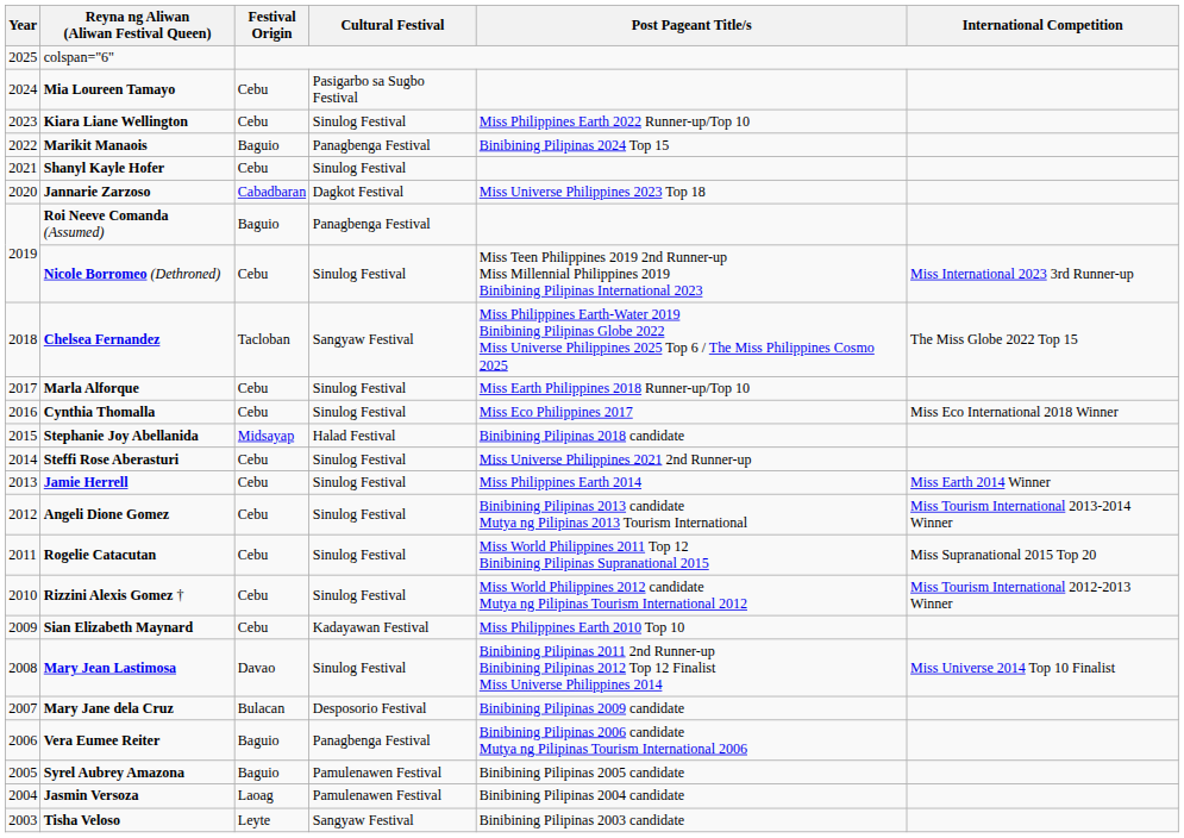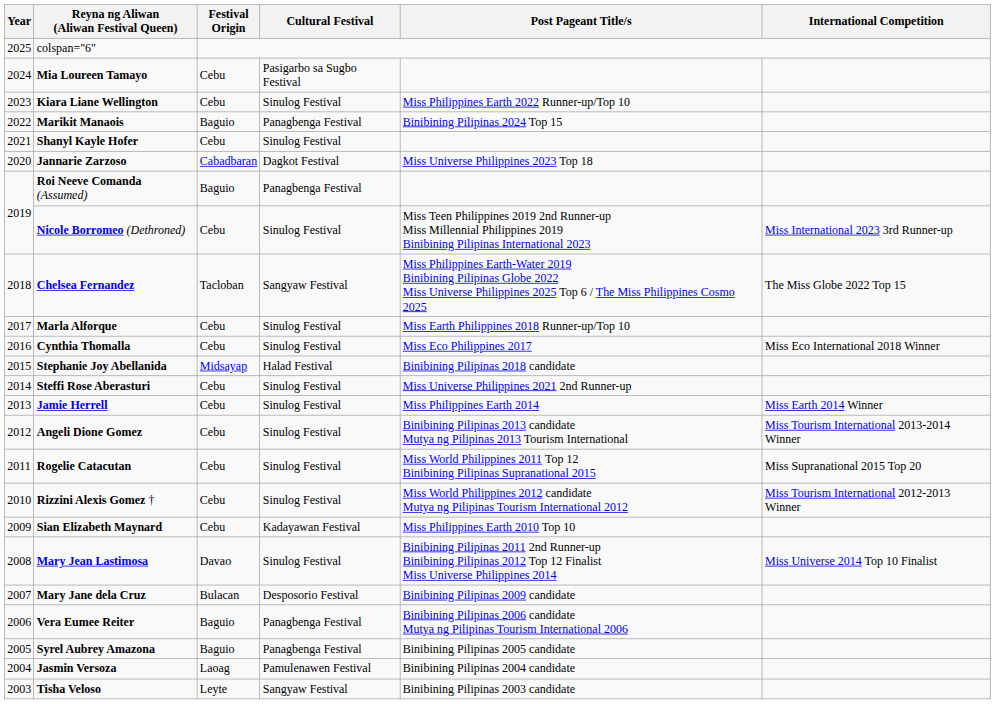 <table class="wikitable sortable" style="font-size:95%;">
 <tr>
 <th>Year</th>
 <th>Reyna ng Aliwan<br>(Aliwan Festival Queen)</th>
 <th>Festival <br>Origin</th>
 <th>Cultural Festival</th>
 <th>Post Pageant Title/s</th>
 <th>International Competition</th>
 </tr>
 <tr>
 <td>2025</td>
 <td>colspan="6" </td>
 </tr>
 <tr>
 <td>2024</td>
 <td><strong>Mia Loureen Tamayo</strong></td>
 <td>Cebu</td>
 <td>Pasigarbo sa Sugbo Festival</td>
 <td></td>
 <td></td>
 </tr>
 <tr>
 <td>2023</td>
 <td><strong>Kiara Liane Wellington</strong></td>
 <td>Cebu</td>
 <td>Sinulog Festival</td>
 <td><a href='#'>Miss Philippines Earth 2022</a> Runner-up/Top 10</td>
 <td></td>
 </tr>
 <tr>
 <td>2022</td>
 <td><strong>Marikit Manaois</strong></td>
 <td>Baguio</td>
 <td>Panagbenga Festival</td>
 <td><a href='#'>Binibining Pilipinas 2024</a> Top 15</td>
 </tr>
 <tr>
 <td>2021</td>
 <td><strong>Shanyl Kayle Hofer</strong></td>
 <td>Cebu</td>
 <td>Sinulog Festival</td>
 <td></td>
 <td></td>
 </tr>
 <tr>
 <td>2020</td>
 <td><strong>Jannarie Zarzoso</strong></td>
 <td><a href='#'>Cabadbaran</a></td>
 <td>Dagkot Festival</td>
 <td><a href='#'>Miss Universe Philippines 2023</a> Top 18</td>
 <td></td>
 </tr>
 <tr>
 <td rowspan="2" style="text-align:left;">2019</td>
 <td><strong>Roi Neeve Comanda</strong> <em>(Assumed)</em></td>
 <td>Baguio</td>
 <td>Panagbenga Festival</td>
 <td></td>
 <td></td>
 </tr>
 <tr>
 <td><strong><a href='#'>Nicole Borromeo</a></strong> <em>(Dethroned)</em></td>
 <td>Cebu</td>
 <td>Sinulog Festival</td>
 <td>Miss Teen Philippines 2019 2nd Runner-up<br>Miss Millennial Philippines 2019<br><a href='#'>Binibining Pilipinas International 2023</a></td>
 <td><a href='#'>Miss International 2023</a> 3rd Runner-up</td>
 </tr>
 <tr>
 <td>2018</td>
 <td><strong><a href='#'>Chelsea Fernandez</a></strong></td>
 <td>Tacloban</td>
 <td>Sangyaw Festival</td>
 <td><a href='#'>Miss Philippines Earth-Water 2019</a><br><a href='#'>Binibining Pilipinas Globe 2022</a><br><a href='#'>Miss Universe Philippines 2025</a> Top 6 / <a href='#'>The Miss Philippines Cosmo 2025</a></td>
 <td>The Miss Globe 2022 Top 15</td>
 </tr>
 <tr>
 <td>2017</td>
 <td><strong>Marla Alforque</strong></td>
 <td>Cebu</td>
 <td>Sinulog Festival</td>
 <td><a href='#'>Miss Earth Philippines 2018</a> Runner-up/Top 10</td>
 <td></td>
 </tr>
 <tr>
 <td>2016</td>
 <td><strong>Cynthia Thomalla</strong></td>
 <td>Cebu</td>
 <td>Sinulog Festival</td>
 <td><a href='#'>Miss Eco Philippines 2017</a></td>
 <td>Miss Eco International 2018 Winner</td>
 </tr>
 <tr>
 <td>2015</td>
 <td><strong>Stephanie Joy Abellanida</strong></td>
 <td><a href='#'>Midsayap</a></td>
 <td>Halad Festival</td>
 <td><a href='#'>Binibining Pilipinas 2018</a> candidate</td>
 <td></td>
 </tr>
 <tr>
 <td>2014</td>
 <td><strong>Steffi Rose Aberasturi</strong></td>
 <td>Cebu</td>
 <td>Sinulog Festival</td>
 <td><a href='#'>Miss Universe Philippines 2021</a> 2nd Runner-up</td>
 <td></td>
 </tr>
 <tr>
 <td>2013</td>
 <td><strong><a href='#'>Jamie Herrell</a></strong></td>
 <td>Cebu</td>
 <td>Sinulog Festival</td>
 <td><a href='#'>Miss Philippines Earth 2014</a></td>
 <td><a href='#'>Miss Earth 2014</a> Winner</td>
 </tr>
 <tr>
 <td>2012</td>
 <td><strong>Angeli Dione Gomez</strong></td>
 <td>Cebu</td>
 <td>Sinulog Festival</td>
 <td><a href='#'>Binibining Pilipinas 2013</a> candidate<br><a href='#'>Mutya ng Pilipinas 2013</a> Tourism International</td>
 <td><a href='#'>Miss Tourism International</a> 2013-2014 Winner</td>
 </tr>
 <tr>
 <td>2011</td>
 <td><strong>Rogelie Catacutan</strong></td>
 <td>Cebu</td>
 <td>Sinulog Festival</td>
 <td><a href='#'>Miss World Philippines 2011</a> Top 12<br><a href='#'>Binibining Pilipinas Supranational 2015</a></td>
 <td>Miss Supranational 2015 Top 20</td>
 </tr>
 <tr>
 <td>2010</td>
 <td><strong>Rizzini Alexis Gomez</strong> †</td>
 <td>Cebu</td>
 <td>Sinulog Festival</td>
 <td><a href='#'>Miss World Philippines 2012</a> candidate<br><a href='#'>Mutya ng Pilipinas Tourism International 2012</a></td>
 <td><a href='#'>Miss Tourism International</a> 2012-2013 Winner</td>
 </tr>
 <tr>
 <td>2009</td>
 <td><strong>Sian Elizabeth Maynard</strong></td>
 <td>Cebu</td>
 <td>Kadayawan Festival</td>
 <td><a href='#'>Miss Philippines Earth 2010</a> Top 10</td>
 <td></td>
 </tr>
 <tr>
 <td>2008</td>
 <td><strong><a href='#'>Mary Jean Lastimosa</a></strong></td>
 <td>Davao</td>
 <td>Sinulog Festival</td>
 <td><a href='#'>Binibining Pilipinas 2011</a> 2nd Runner-up<br><a href='#'>Binibining Pilipinas 2012</a> Top 12 Finalist<br><a href='#'>Miss Universe Philippines 2014</a></td>
 <td><a href='#'>Miss Universe 2014</a> Top 10 Finalist</td>
 </tr>
 <tr>
 <td>2007</td>
 <td><strong>Mary Jane dela Cruz</strong></td>
 <td>Bulacan</td>
 <td>Desposorio Festival</td>
 <td><a href='#'>Binibining Pilipinas 2009</a> candidate</td>
 <td></td>
 </tr>
 <tr>
 <td>2006</td>
 <td><strong>Vera Eumee Reiter</strong></td>
 <td>Baguio</td>
 <td>Panagbenga Festival</td>
 <td><a href='#'>Binibining Pilipinas 2006</a> candidate<br><a href='#'>Mutya ng Pilipinas Tourism International 2006</a></td>
 <td></td>
 </tr>
 <tr>
 <td>2005</td>
 <td><strong>Syrel Aubrey Amazona</strong></td>
 <td>Baguio</td>
-<td>Pamulenawen Festival</td>
+<td>Panagbenga Festival</td>
 <td>Binibining Pilipinas 2005 candidate</td>
 <td></td>
 </tr>
 <tr>
 <td>2004</td>
 <td><strong>Jasmin Versoza</strong></td>
 <td>Laoag</td>
 <td>Pamulenawen Festival</td>
 <td>Binibining Pilipinas 2004 candidate</td>
 <td></td>
 </tr>
 <tr>
 <td>2003</td>
 <td><strong>Tisha Veloso</strong></td>
 <td>Leyte</td>
 <td>Sangyaw Festival</td>
 <td>Binibining Pilipinas 2003 candidate</td>
 <td></td>
 </tr>
 </table>
